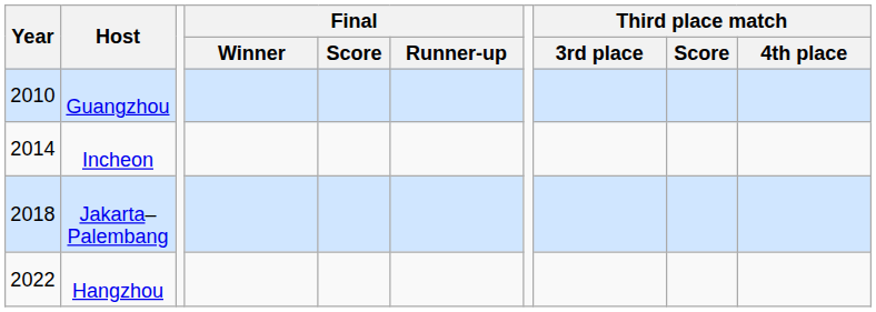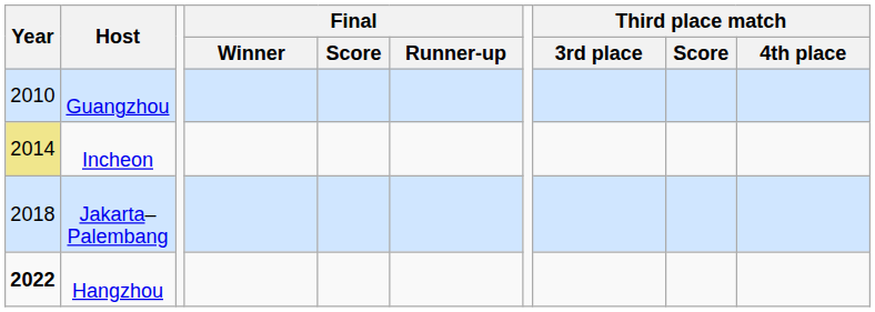 <table class="wikitable" style="font-size:90%; width: 100%; text-align: center;">
 <tr>
 <th rowspan=2 width=5%>Year</th>
 <th rowspan=2 width=10%>Host</th>
 <td width=1% rowspan=6></td>
 <th colspan=3>Final</th>
 <td width=1% rowspan=6></td>
 <th colspan=3>Third place match</th>
 </tr>
 <tr>
 <th width=15%>Winner</th>
 <th width=8%>Score</th>
 <th width=15%>Runner-up</th>
 <th width=15%>3rd place</th>
 <th width=8%>Score</th>
 <th width=15%>4th place</th>
 </tr>
 <tr style="background: #D0E6FF;">
 <td>2010<br></td>
 <td><br><a href='#'>Guangzhou</a></td>
 <td><strong></strong></td>
 <td></td>
 <td></td>
 <td></td>
 <td></td>
 <td></td>
 </tr>
 <tr>
-<td>2014<br></td>
+<td style="background: khaki;">2014<br></td>
 <td><br><a href='#'>Incheon</a></td>
 <td><strong></strong></td>
 <td></td>
 <td></td>
 <td></td>
 <td></td>
 <td></td>
 </tr>
 <tr style="background: #D0E6FF;">
 <td>2018<br></td>
 <td><br><a href='#'>Jakarta</a>–<a href='#'>Palembang</a></td>
 <td><strong></strong></td>
 <td></td>
 <td></td>
 <td></td>
 <td></td>
 <td></td>
 </tr>
 <tr>
-<td>2022<br></td>
+<td><strong>2022<br></strong></td>
 <td><br><a href='#'>Hangzhou</a></td>
 <td><strong></strong></td>
 <td></td>
 <td></td>
 <td></td>
 <td></td>
 <td></td>
 </tr>
 </table>
